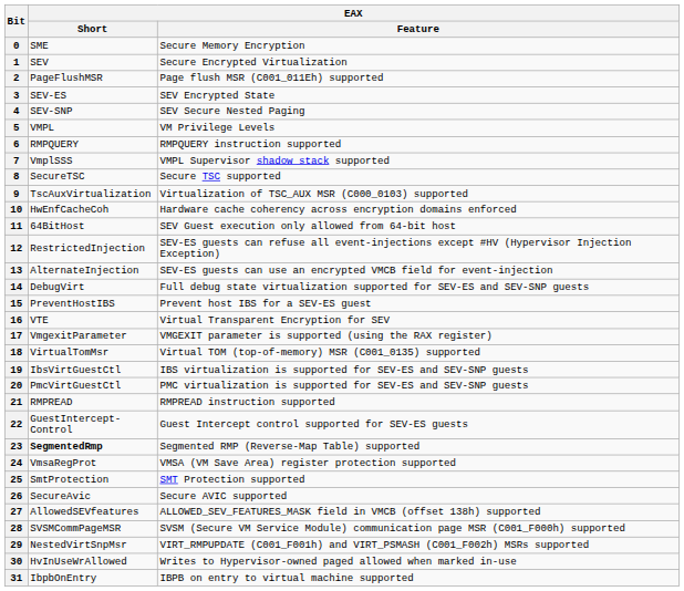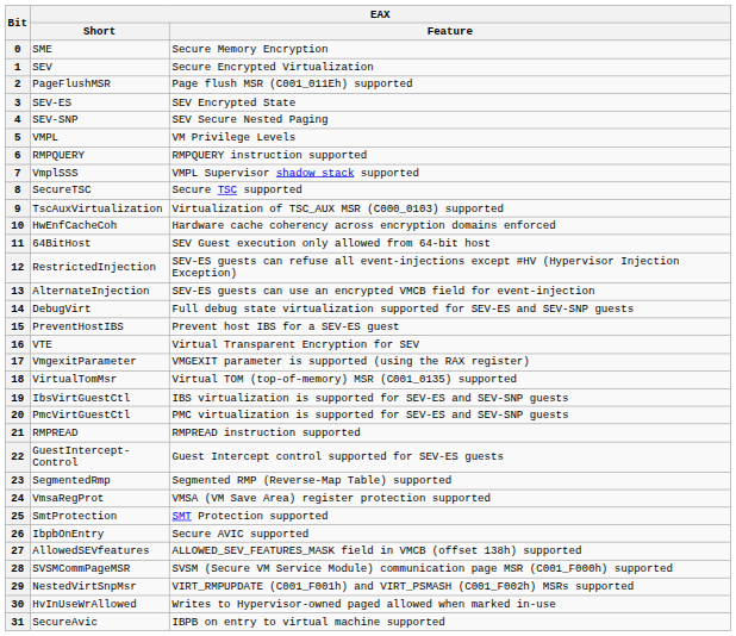 <table class="wikitable">
 <tr>
 <th rowspan=2>Bit</th>
 <th colspan=2>EAX</th>
 </tr>
 <tr>
 <th>Short</th>
 <th>Feature</th>
 </tr>
 <tr>
 <th>0</th>
 <td>SME</td>
 <td>Secure Memory Encryption</td>
 </tr>
 <tr>
 <th>1</th>
 <td>SEV</td>
 <td>Secure Encrypted Virtualization</td>
 </tr>
 <tr>
 <th>2</th>
 <td>PageFlushMSR</td>
 <td>Page flush MSR (<code>C001_011Eh</code>) supported</td>
 </tr>
 <tr>
 <th>3</th>
 <td>SEV-ES</td>
 <td>SEV Encrypted State</td>
 </tr>
 <tr>
 <th>4</th>
 <td>SEV-SNP</td>
 <td>SEV Secure Nested Paging</td>
 </tr>
 <tr>
 <th>5</th>
 <td>VMPL</td>
 <td>VM Privilege Levels</td>
 </tr>
 <tr>
 <th>6</th>
 <td>RMPQUERY</td>
 <td><code>RMPQUERY</code> instruction supported</td>
 </tr>
 <tr>
 <th>7</th>
 <td>VmplSSS</td>
 <td>VMPL Supervisor <a href='#'>shadow stack</a> supported</td>
 </tr>
 <tr>
 <th>8</th>
 <td>SecureTSC</td>
 <td>Secure <a href='#'>TSC</a> supported</td>
 </tr>
 <tr>
 <th>9</th>
 <td>TscAux­Virtualization</td>
 <td>Virtualization of <code>TSC_AUX</code> MSR (<code>C000_0103</code>) supported</td>
 </tr>
 <tr>
 <th>10</th>
 <td>HwEnfCacheCoh</td>
 <td>Hardware cache coherency across encryption domains enforced</td>
 </tr>
 <tr>
 <th>11</th>
 <td>64BitHost</td>
 <td>SEV Guest execution only allowed from 64-bit host</td>
 </tr>
 <tr>
 <th>12</th>
 <td>Restricted­Injection</td>
 <td>SEV-ES guests can refuse all event-injections except #HV (Hypervisor Injection Exception)</td>
 </tr>
 <tr>
 <th>13</th>
 <td>Alternate­Injection</td>
 <td>SEV-ES guests can use an encrypted VMCB field for event-injection</td>
 </tr>
 <tr>
 <th>14</th>
 <td>DebugVirt</td>
 <td>Full debug state virtualization supported for SEV-ES and SEV-SNP guests</td>
 </tr>
 <tr>
 <th>15</th>
 <td>PreventHostIBS</td>
 <td>Prevent host IBS for a SEV-ES guest</td>
 </tr>
 <tr>
 <th>16</th>
 <td>VTE</td>
 <td>Virtual Transparent Encryption for SEV</td>
 </tr>
 <tr>
 <th>17</th>
 <td>Vmgexit­Parameter</td>
 <td><code>VMGEXIT</code> parameter is supported (using the RAX register)</td>
 </tr>
 <tr>
 <th>18</th>
 <td>VirtualTomMsr</td>
 <td>Virtual TOM (top-of-memory) MSR (<code>C001_0135</code>) supported</td>
 </tr>
 <tr>
 <th>19</th>
 <td>IbsVirtGuestCtl</td>
 <td>IBS virtualization is supported for SEV-ES and SEV-SNP guests</td>
 </tr>
 <tr>
 <th>20</th>
 <td>PmcVirtGuestCtl</td>
 <td>PMC virtualization is supported for SEV-ES and SEV-SNP guests</td>
 </tr>
 <tr>
 <th>21</th>
 <td>RMPREAD</td>
 <td><code>RMPREAD</code> instruction supported</td>
 </tr>
 <tr>
 <th>22</th>
 <td>GuestIntercept­Control</td>
 <td>Guest Intercept control supported for SEV-ES guests</td>
 </tr>
 <tr>
 <th>23</th>
-<td><strong>SegmentedRmp</strong></td>
+<td>SegmentedRmp</td>
 <td>Segmented RMP (Reverse-Map Table) supported</td>
 </tr>
 <tr>
 <th>24</th>
 <td>VmsaRegProt</td>
 <td>VMSA (VM Save Area) register protection supported</td>
 </tr>
 <tr>
 <th>25</th>
 <td>SmtProtection</td>
 <td><a href='#'>SMT</a> Protection supported</td>
 </tr>
 <tr>
 <th>26</th>
-<td>SecureAvic</td>
+<td>IbpbOnEntry</td>
 <td>Secure AVIC supported</td>
 </tr>
 <tr>
 <th>27</th>
 <td>AllowedSEV­features</td>
 <td>ALLOWED_SEV_FEATURES_MASK field in VMCB (offset <code>138h</code>) supported</td>
 </tr>
 <tr>
 <th>28</th>
 <td>SVSMComm­PageMSR</td>
 <td>SVSM (Secure VM Service Module) communication page MSR (<code>C001_F000h</code>) supported</td>
 </tr>
 <tr>
 <th>29</th>
 <td>NestedVirt­SnpMsr</td>
 <td><code>VIRT_RMPUPDATE</code> (<code>C001_F001h</code>) and <code>VIRT_PSMASH</code> (<code>C001_F002h</code>) MSRs supported</td>
 </tr>
 <tr>
 <th>30</th>
 <td>HvInUse­WrAllowed</td>
 <td>Writes to Hypervisor-owned paged allowed when marked in-use</td>
 </tr>
 <tr>
 <th>31</th>
-<td>IbpbOnEntry</td>
+<td>SecureAvic</td>
 <td>IBPB on entry to virtual machine supported</td>
 </tr>
 </table>
